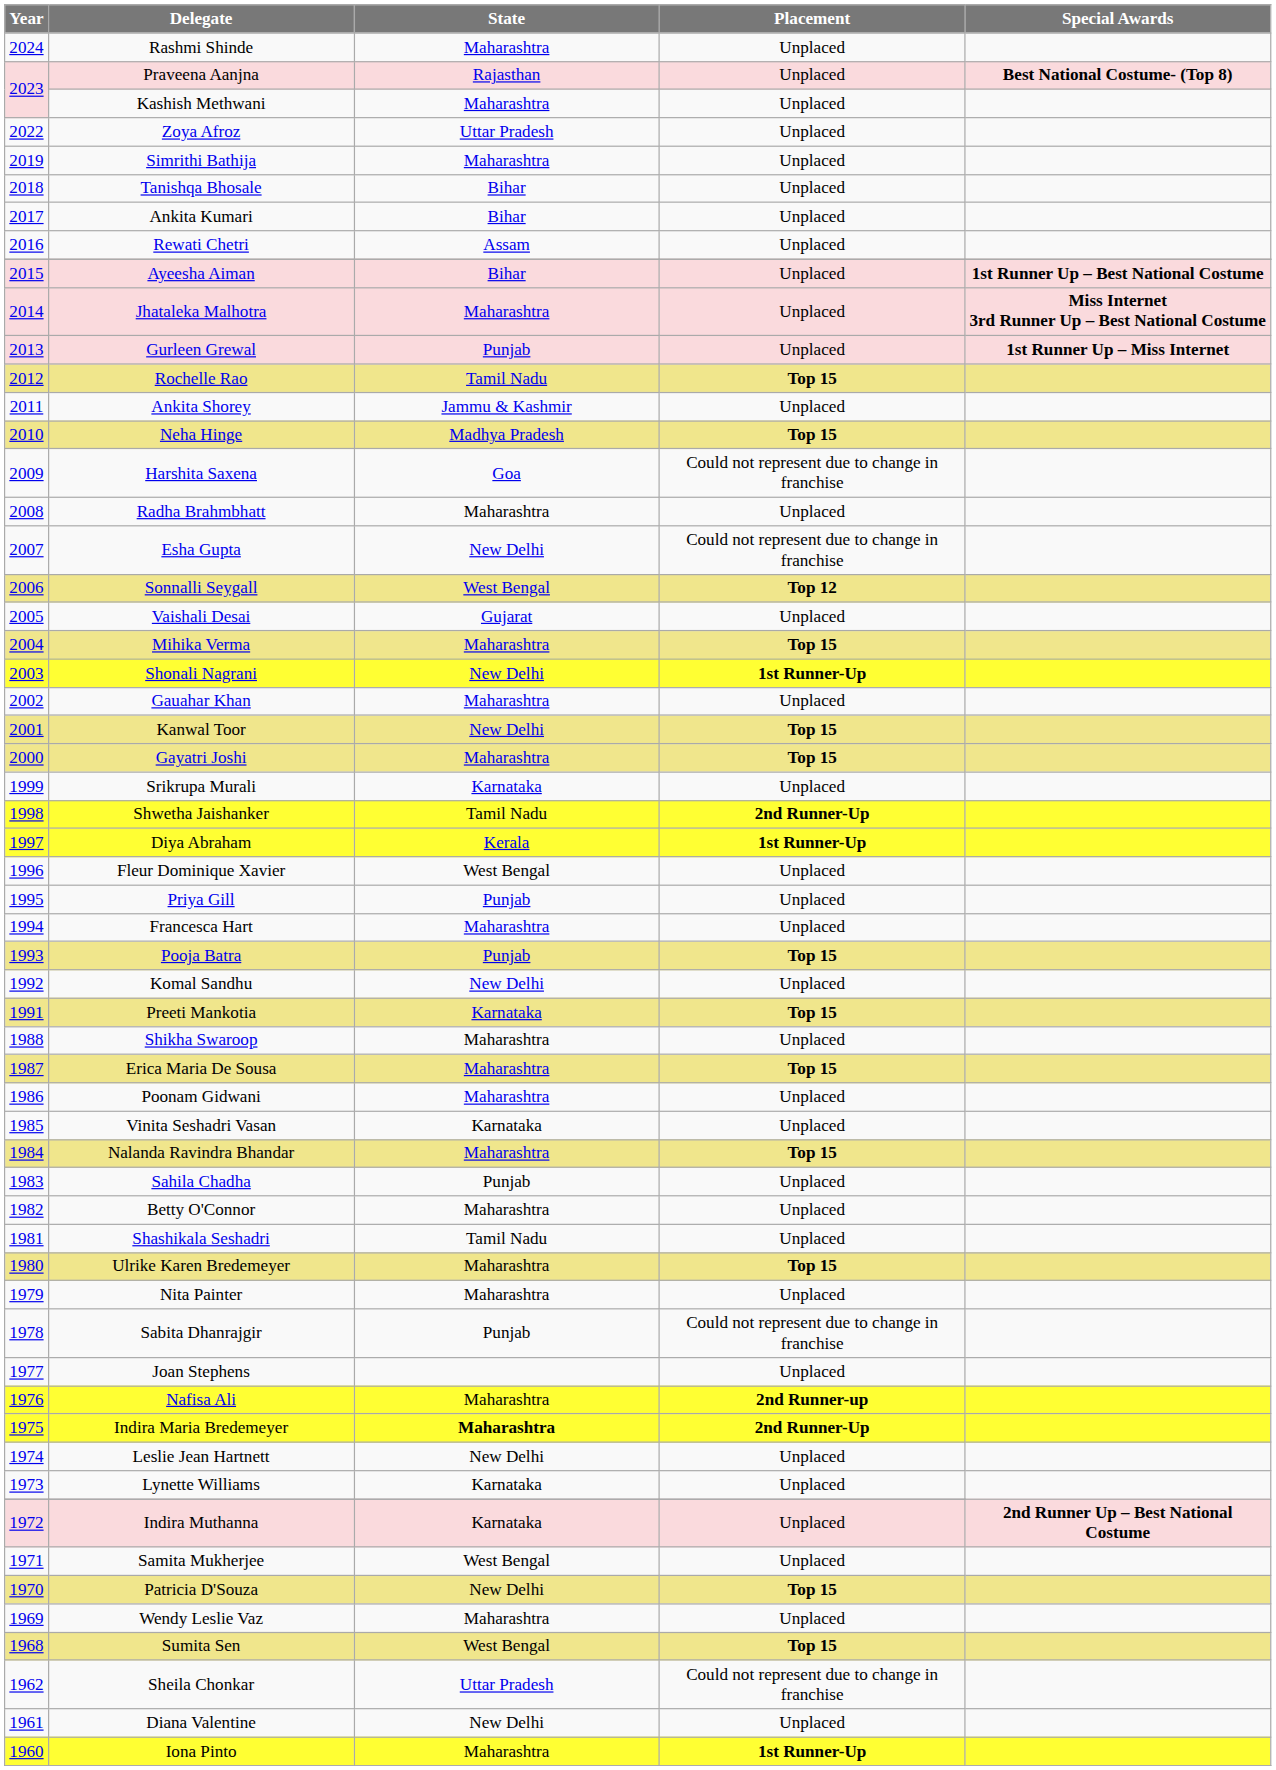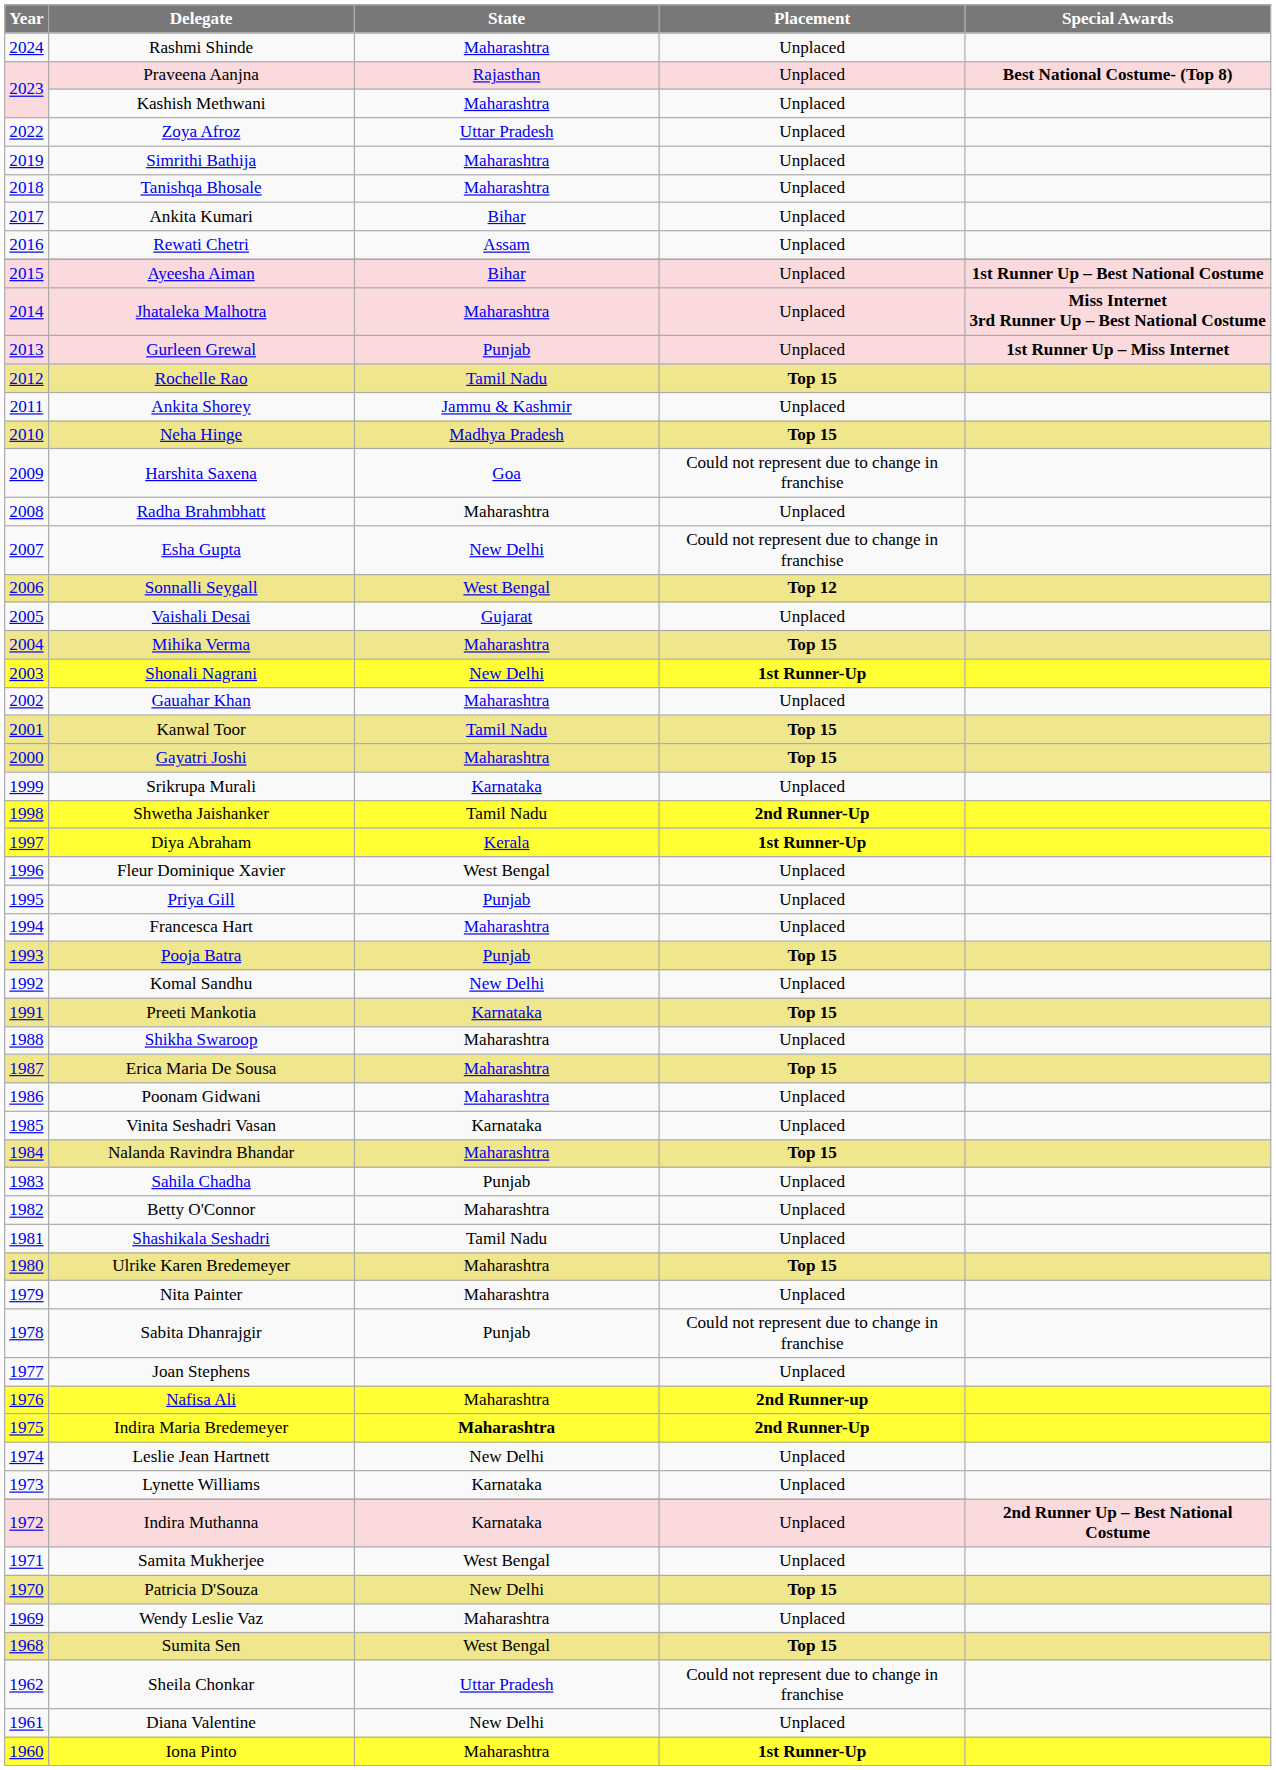 <table class="wikitable sortable" style="font-size: 90%; text-align:center">
 <tr>
 <th width="30" style="background-color:#787878;color:#FFFFFF;">Year</th>
 <th width="250" style="background-color:#787878;color:#FFFFFF;">Delegate</th>
 <th width="250" style="background-color:#787878;color:#FFFFFF;">State</th>
 <th width="250" style="background-color:#787878;color:#FFFFFF;">Placement</th>
 <th width="250" style="background-color:#787878;color:#FFFFFF;">Special Awards</th>
 </tr>
 <tr>
 <td><a href='#'>2024</a></td>
 <td>Rashmi Shinde</td>
 <td><a href='#'>Maharashtra</a></td>
 <td>Unplaced</td>
 <td></td>
 </tr>
 <tr style="background-color:#FADADD;">
 <td rowspan="2"><a href='#'>2023</a></td>
 <td>Praveena Aanjna</td>
 <td><a href='#'>Rajasthan</a></td>
 <td>Unplaced</td>
 <td><strong>Best National Costume- (Top 8) </strong></td>
 </tr>
 <tr>
 <td>Kashish Methwani</td>
 <td><a href='#'>Maharashtra</a></td>
 <td>Unplaced</td>
 <td></td>
 </tr>
 <tr>
 <td><a href='#'>2022</a></td>
 <td><a href='#'>Zoya Afroz</a></td>
 <td><a href='#'>Uttar Pradesh</a></td>
 <td>Unplaced</td>
 <td></td>
 </tr>
 <tr>
 <td><a href='#'>2019</a></td>
 <td><a href='#'>Simrithi Bathija</a></td>
 <td><a href='#'>Maharashtra</a></td>
 <td>Unplaced</td>
 <td></td>
 </tr>
 <tr>
 <td><a href='#'>2018</a></td>
 <td><a href='#'>Tanishqa Bhosale</a></td>
-<td><a href='#'>Bihar</a></td>
+<td><a href='#'>Maharashtra</a></td>
 <td>Unplaced</td>
 <td></td>
 </tr>
 <tr>
 <td><a href='#'>2017</a></td>
 <td>Ankita Kumari</td>
 <td><a href='#'>Bihar</a></td>
 <td>Unplaced</td>
 <td></td>
 </tr>
 <tr>
 <td><a href='#'>2016</a></td>
 <td><a href='#'>Rewati Chetri</a></td>
 <td><a href='#'>Assam</a></td>
 <td>Unplaced</td>
 <td></td>
 </tr>
 <tr>
 </tr>
 <tr style="background-color:#FADADD;">
 <td><a href='#'>2015</a></td>
 <td><a href='#'>Ayeesha Aiman</a></td>
 <td><a href='#'>Bihar</a></td>
 <td>Unplaced</td>
 <td><strong>1st Runner Up – Best National Costume</strong></td>
 </tr>
 <tr style="background-color:#FADADD;">
 <td><a href='#'>2014</a></td>
 <td><a href='#'>Jhataleka Malhotra</a></td>
 <td><a href='#'>Maharashtra</a></td>
 <td>Unplaced</td>
 <td><strong>Miss Internet<br>3rd Runner Up – Best National Costume</strong></td>
 </tr>
 <tr style="background-color:#FADADD;: bold">
 <td><a href='#'>2013</a></td>
 <td><a href='#'>Gurleen Grewal</a></td>
 <td><a href='#'>Punjab</a></td>
 <td>Unplaced</td>
 <td><strong>1st Runner Up – Miss Internet</strong></td>
 </tr>
 <tr style="background:khaki;">
 <td><a href='#'>2012</a></td>
 <td><a href='#'>Rochelle Rao</a></td>
 <td><a href='#'>Tamil Nadu</a></td>
 <td><strong>Top 15</strong></td>
 <td></td>
 </tr>
 <tr>
 <td><a href='#'>2011</a></td>
 <td><a href='#'>Ankita Shorey</a></td>
 <td><a href='#'>Jammu & Kashmir</a></td>
 <td>Unplaced</td>
 <td></td>
 </tr>
 <tr style="background:khaki;">
 <td><a href='#'>2010</a></td>
 <td><a href='#'>Neha Hinge</a></td>
 <td><a href='#'>Madhya Pradesh</a></td>
 <td><strong>Top 15</strong></td>
 <td></td>
 </tr>
 <tr>
 <td><a href='#'>2009</a></td>
 <td><a href='#'>Harshita Saxena</a></td>
 <td><a href='#'>Goa</a></td>
 <td>Could not represent due to change in franchise</td>
 <td></td>
 </tr>
 <tr>
 <td><a href='#'>2008</a></td>
 <td><a href='#'>Radha Brahmbhatt</a></td>
 <td>Maharashtra</td>
 <td>Unplaced</td>
 <td></td>
 </tr>
 <tr>
 <td><a href='#'>2007</a></td>
 <td><a href='#'>Esha Gupta</a></td>
 <td><a href='#'>New Delhi</a></td>
 <td>Could not represent due to change in franchise</td>
 <td></td>
 </tr>
 <tr style="background:khaki;">
 <td><a href='#'>2006</a></td>
 <td><a href='#'>Sonnalli Seygall</a></td>
 <td><a href='#'>West Bengal</a></td>
 <td><strong>Top 12</strong></td>
 <td></td>
 </tr>
 <tr>
 <td><a href='#'>2005</a></td>
 <td><a href='#'>Vaishali Desai</a></td>
 <td><a href='#'>Gujarat</a></td>
 <td>Unplaced</td>
 <td></td>
 </tr>
 <tr style="background:khaki;">
 <td><a href='#'>2004</a></td>
 <td><a href='#'>Mihika Verma</a></td>
 <td><a href='#'>Maharashtra</a></td>
 <td><strong>Top 15</strong></td>
 <td></td>
 </tr>
 <tr style="background-color:#FFFF33;">
 <td><a href='#'>2003</a></td>
 <td><a href='#'>Shonali Nagrani</a></td>
 <td><a href='#'>New Delhi</a></td>
 <td><strong>1st Runner-Up</strong></td>
 <td></td>
 </tr>
 <tr>
 <td><a href='#'>2002</a></td>
 <td><a href='#'>Gauahar Khan</a></td>
 <td><a href='#'>Maharashtra</a></td>
 <td>Unplaced</td>
 <td></td>
 </tr>
 <tr style="background:khaki;">
 <td><a href='#'>2001</a></td>
 <td>Kanwal Toor</td>
-<td><a href='#'>New Delhi</a></td>
+<td><a href='#'>Tamil Nadu</a></td>
 <td><strong>Top 15</strong></td>
 <td></td>
 </tr>
 <tr style="background:khaki;">
 <td><a href='#'>2000</a></td>
 <td><a href='#'>Gayatri Joshi</a></td>
 <td><a href='#'>Maharashtra</a></td>
 <td><strong>Top 15</strong></td>
 <td></td>
 </tr>
 <tr>
 <td><a href='#'>1999</a></td>
 <td>Srikrupa Murali</td>
 <td><a href='#'>Karnataka</a></td>
 <td>Unplaced</td>
 <td></td>
 </tr>
 <tr style="background-color:#FFFF33;">
 <td><a href='#'>1998</a></td>
 <td>Shwetha Jaishanker</td>
 <td>Tamil Nadu</td>
 <td><strong>2nd Runner-Up</strong></td>
 <td></td>
 </tr>
 <tr style="background-color:#FFFF33;">
 <td><a href='#'>1997</a></td>
 <td>Diya Abraham</td>
 <td><a href='#'>Kerala</a></td>
 <td><strong>1st Runner-Up</strong></td>
 <td></td>
 </tr>
 <tr>
 <td><a href='#'>1996</a></td>
 <td>Fleur Dominique Xavier</td>
 <td>West Bengal</td>
 <td>Unplaced</td>
 <td></td>
 </tr>
 <tr>
 <td><a href='#'>1995</a></td>
 <td><a href='#'>Priya Gill</a></td>
 <td><a href='#'>Punjab</a></td>
 <td>Unplaced</td>
 <td></td>
 </tr>
 <tr>
 <td><a href='#'>1994</a></td>
 <td>Francesca Hart</td>
 <td><a href='#'>Maharashtra</a></td>
 <td>Unplaced</td>
 <td></td>
 </tr>
 <tr style="background:khaki;">
 <td><a href='#'>1993</a></td>
 <td><a href='#'>Pooja Batra</a></td>
 <td><a href='#'>Punjab</a></td>
 <td><strong>Top 15</strong></td>
 <td></td>
 </tr>
 <tr>
 <td><a href='#'>1992</a></td>
 <td>Komal Sandhu</td>
 <td><a href='#'>New Delhi</a></td>
 <td>Unplaced</td>
 <td></td>
 </tr>
 <tr style="background:khaki;">
 <td><a href='#'>1991</a></td>
 <td>Preeti Mankotia</td>
 <td><a href='#'>Karnataka</a></td>
 <td><strong>Top 15</strong></td>
 <td></td>
 </tr>
 <tr>
 <td><a href='#'>1988</a></td>
 <td><a href='#'>Shikha Swaroop</a></td>
 <td>Maharashtra</td>
 <td>Unplaced</td>
 <td></td>
 </tr>
 <tr style="background:khaki;">
 <td><a href='#'>1987</a></td>
 <td>Erica Maria De Sousa</td>
 <td><a href='#'>Maharashtra</a></td>
 <td><strong>Top 15</strong></td>
 <td></td>
 </tr>
 <tr>
 <td><a href='#'>1986</a></td>
 <td>Poonam Gidwani</td>
 <td><a href='#'>Maharashtra</a></td>
 <td>Unplaced</td>
 <td></td>
 </tr>
 <tr>
 <td><a href='#'>1985</a></td>
 <td>Vinita Seshadri Vasan</td>
 <td>Karnataka</td>
 <td>Unplaced</td>
 <td></td>
 </tr>
 <tr style="background:khaki;">
 <td><a href='#'>1984</a></td>
 <td>Nalanda Ravindra Bhandar</td>
 <td><a href='#'>Maharashtra</a></td>
 <td><strong>Top 15</strong></td>
 <td></td>
 </tr>
 <tr>
 <td><a href='#'>1983</a></td>
 <td><a href='#'>Sahila Chadha</a></td>
 <td>Punjab</td>
 <td>Unplaced</td>
 <td></td>
 </tr>
 <tr>
 <td><a href='#'>1982</a></td>
 <td>Betty O'Connor</td>
 <td>Maharashtra</td>
 <td>Unplaced</td>
 <td></td>
 </tr>
 <tr>
 <td><a href='#'>1981</a></td>
 <td><a href='#'>Shashikala Seshadri</a></td>
 <td>Tamil Nadu</td>
 <td>Unplaced</td>
 <td></td>
 </tr>
 <tr style="background:khaki;">
 <td><a href='#'>1980</a></td>
 <td>Ulrike Karen Bredemeyer</td>
 <td>Maharashtra</td>
 <td><strong>Top 15</strong></td>
 <td></td>
 </tr>
 <tr>
 <td><a href='#'>1979</a></td>
 <td>Nita Painter</td>
 <td>Maharashtra</td>
 <td>Unplaced</td>
 <td></td>
 </tr>
 <tr>
 <td><a href='#'>1978</a></td>
 <td>Sabita Dhanrajgir</td>
 <td>Punjab</td>
 <td>Could not represent due to change in franchise</td>
 <td></td>
 </tr>
 <tr>
 <td><a href='#'>1977</a></td>
 <td>Joan Stephens</td>
 <td></td>
 <td>Unplaced</td>
 <td></td>
 </tr>
 <tr style="background-color:#FFFF33;">
 <td><a href='#'>1976</a></td>
 <td><a href='#'>Nafisa Ali</a></td>
 <td>Maharashtra</td>
 <td><strong>2nd Runner-up</strong></td>
 <td></td>
 </tr>
 <tr style="background-color:#FFFF33;">
 <td><a href='#'>1975</a></td>
 <td>Indira Maria Bredemeyer</td>
 <td><strong>Maharashtra</strong></td>
 <td><strong>2nd Runner-Up</strong></td>
 <td></td>
 </tr>
 <tr>
 <td><a href='#'>1974</a></td>
 <td>Leslie Jean Hartnett</td>
 <td>New Delhi</td>
 <td>Unplaced</td>
 <td></td>
 </tr>
 <tr>
 <td><a href='#'>1973</a></td>
 <td>Lynette Williams</td>
 <td>Karnataka</td>
 <td>Unplaced</td>
 </tr>
 <tr>
 </tr>
 <tr style="background-color:#FADADD;">
 <td><a href='#'>1972</a></td>
 <td>Indira Muthanna</td>
 <td>Karnataka</td>
 <td>Unplaced</td>
 <td><strong>2nd Runner Up – Best National Costume</strong></td>
 </tr>
 <tr>
 <td><a href='#'>1971</a></td>
 <td>Samita Mukherjee</td>
 <td>West Bengal</td>
 <td>Unplaced</td>
 <td></td>
 </tr>
 <tr style="background:khaki;">
 <td><a href='#'>1970</a></td>
 <td>Patricia D'Souza</td>
 <td>New Delhi</td>
 <td><strong>Top 15</strong></td>
 <td></td>
 </tr>
 <tr>
 <td><a href='#'>1969</a></td>
 <td>Wendy Leslie Vaz</td>
 <td>Maharashtra</td>
 <td>Unplaced</td>
 <td></td>
 </tr>
 <tr style="background:khaki;">
 <td><a href='#'>1968</a></td>
 <td>Sumita Sen</td>
 <td>West Bengal</td>
 <td><strong>Top 15</strong></td>
 <td></td>
 </tr>
 <tr>
 <td><a href='#'>1962</a></td>
 <td>Sheila Chonkar</td>
 <td><a href='#'>Uttar Pradesh</a></td>
 <td>Could not represent due to change in franchise</td>
 <td></td>
 </tr>
 <tr>
 <td><a href='#'>1961</a></td>
 <td>Diana Valentine</td>
 <td>New Delhi</td>
 <td>Unplaced</td>
 <td></td>
 </tr>
 <tr style="background-color:#FFFF33;">
 <td><a href='#'>1960</a></td>
 <td>Iona Pinto</td>
 <td>Maharashtra</td>
 <td><strong>1st Runner-Up</strong></td>
 <td></td>
 </tr>
 <tr>
 </tr>
 </table>
